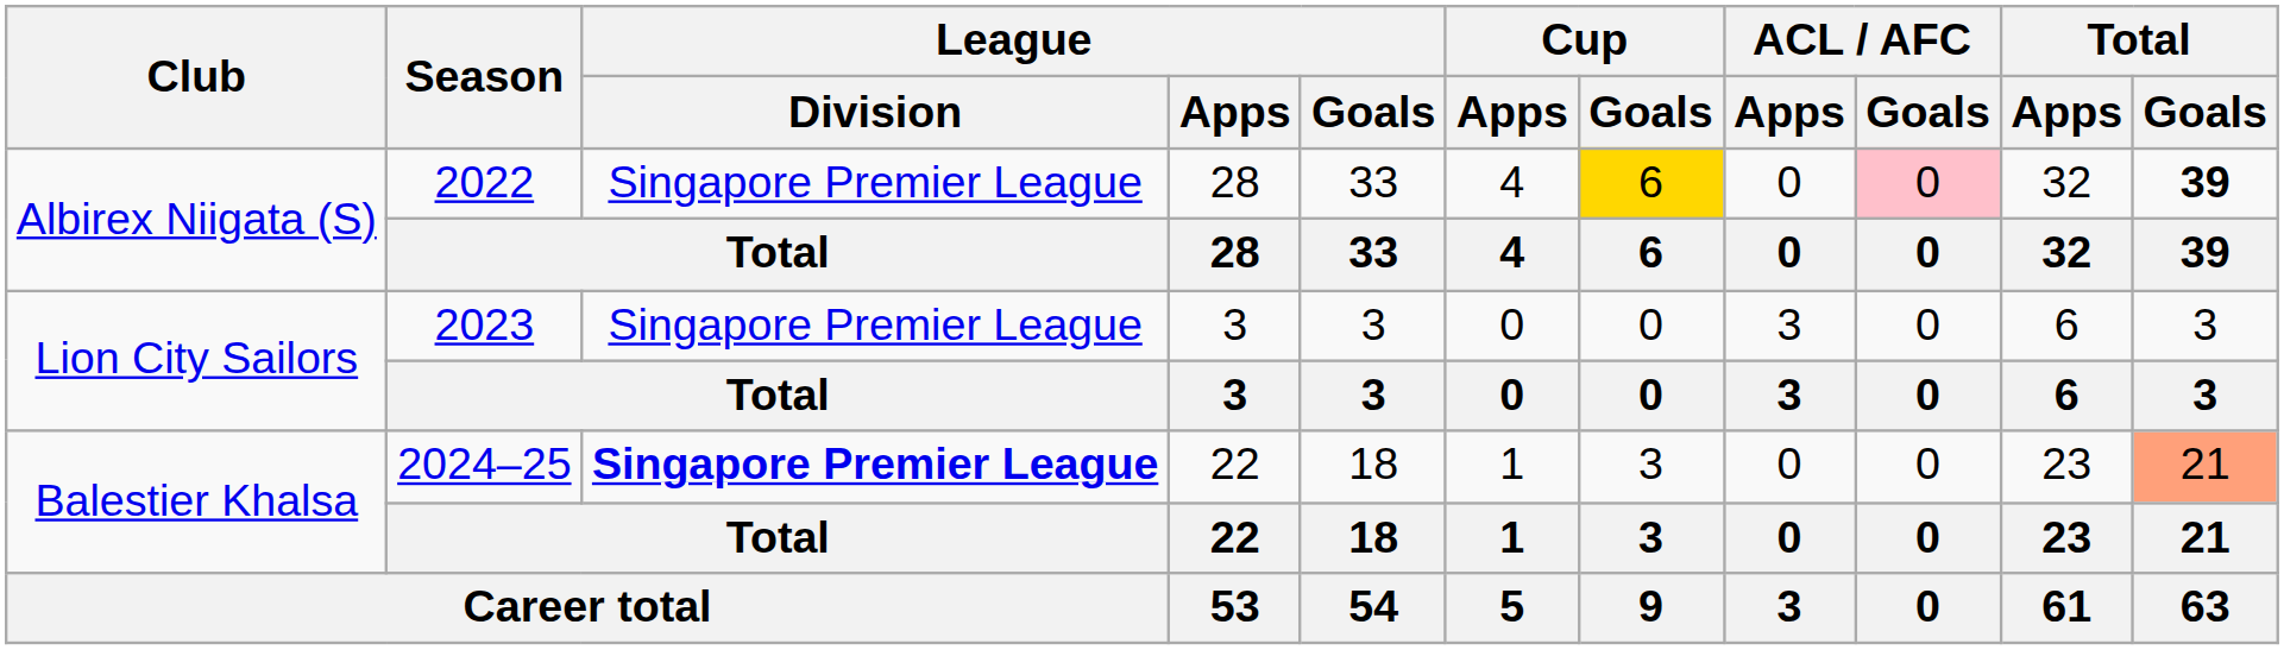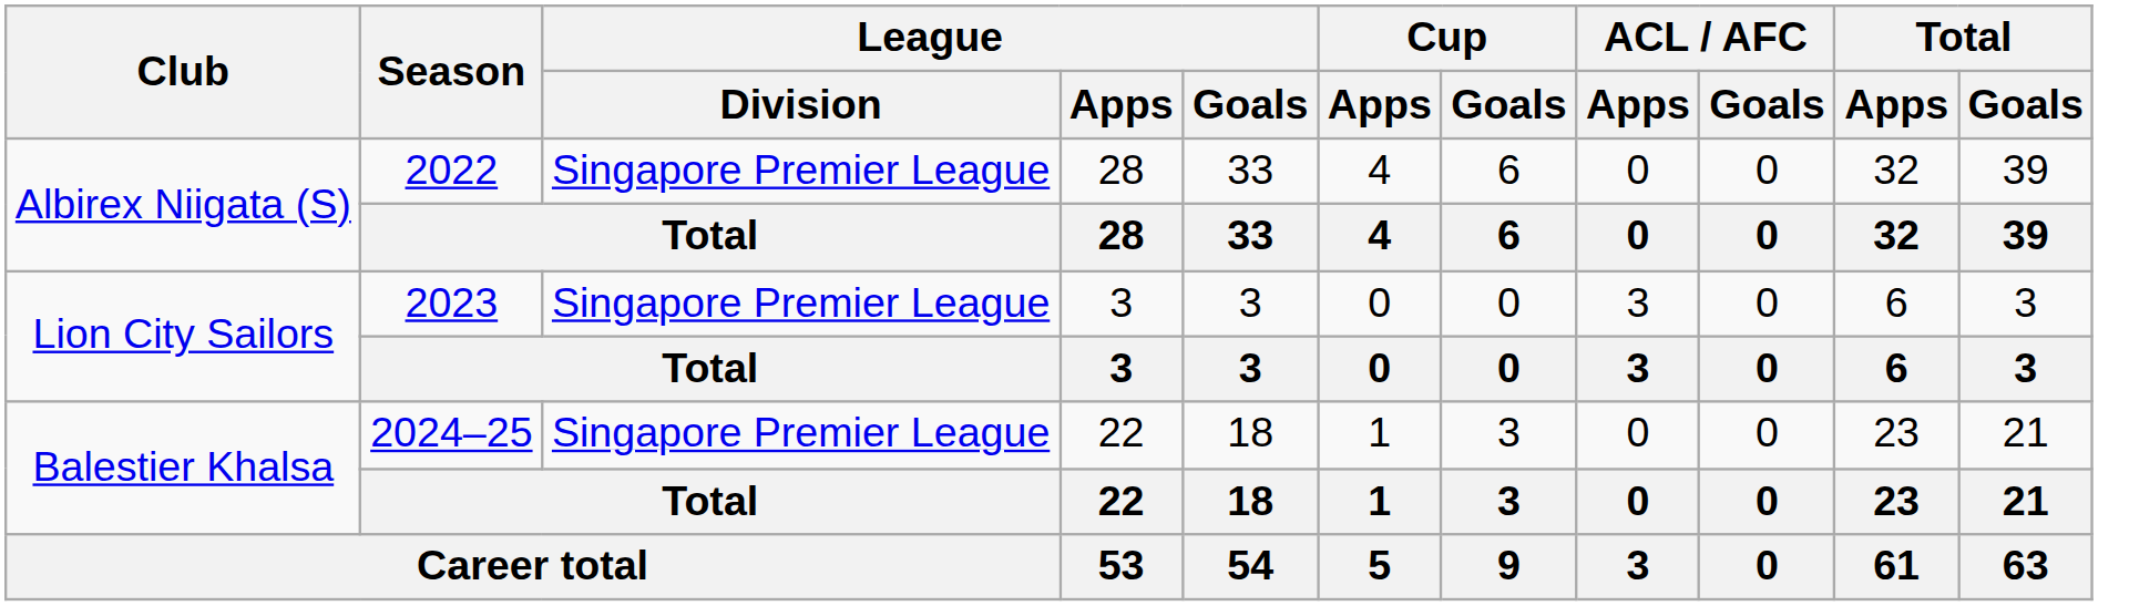 <table class="wikitable" style="text-align: center">
 <tr>
 <th rowspan="2">Club</th>
 <th rowspan="2">Season</th>
 <th colspan="3">League</th>
 <th colspan="2">Cup</th>
 <th colspan="2">ACL / AFC</th>
 <th colspan="2">Total</th>
 </tr>
 <tr>
 <th>Division</th>
 <th>Apps</th>
 <th>Goals</th>
 <th>Apps</th>
 <th>Goals</th>
 <th>Apps</th>
 <th>Goals</th>
 <th>Apps</th>
 <th>Goals</th>
 </tr>
 <tr>
 <td rowspan="2"><a href='#'>Albirex Niigata (S)</a></td>
 <td><a href='#'>2022</a></td>
 <td><a href='#'>Singapore Premier League</a></td>
 <td>28</td>
 <td>33</td>
 <td>4</td>
-<td style="background: gold;">6</td>
+<td>6</td>
 <td>0</td>
-<td style="background: pink;">0</td>
+<td>0</td>
 <td>32</td>
-<td><strong>39</strong></td>
+<td>39</td>
 </tr>
 <tr>
 <th colspan=2>Total</th>
 <th>28</th>
 <th>33</th>
 <th>4</th>
 <th>6</th>
 <th>0</th>
 <th>0</th>
 <th>32</th>
 <th>39</th>
 </tr>
 <tr>
 <td rowspan="2"><a href='#'>Lion City Sailors</a></td>
 <td><a href='#'>2023</a></td>
 <td><a href='#'>Singapore Premier League</a></td>
 <td>3</td>
 <td>3</td>
 <td>0</td>
 <td>0</td>
 <td>3</td>
 <td>0</td>
 <td>6</td>
 <td>3</td>
 </tr>
 <tr>
 <th colspan=2>Total</th>
 <th>3</th>
 <th>3</th>
 <th>0</th>
 <th>0</th>
 <th>3</th>
 <th>0</th>
 <th>6</th>
 <th>3</th>
 </tr>
 <tr>
 <td rowspan="2"><a href='#'>Balestier Khalsa</a></td>
 <td><a href='#'>2024–25</a></td>
-<td><strong><a href='#'>Singapore Premier League</a></strong></td>
+<td><a href='#'>Singapore Premier League</a></td>
 <td>22</td>
 <td>18</td>
 <td>1</td>
 <td>3</td>
 <td>0</td>
 <td>0</td>
 <td>23</td>
-<td style="background: lightsalmon;">21</td>
+<td>21</td>
 </tr>
 <tr>
 <th colspan=2>Total</th>
 <th>22</th>
 <th>18</th>
 <th>1</th>
 <th>3</th>
 <th>0</th>
 <th>0</th>
 <th>23</th>
 <th>21</th>
 </tr>
 <tr>
 <th colspan=3>Career total</th>
 <th>53</th>
 <th>54</th>
 <th>5</th>
 <th>9</th>
 <th>3</th>
 <th>0</th>
 <th>61</th>
 <th>63</th>
 </tr>
 </table>
